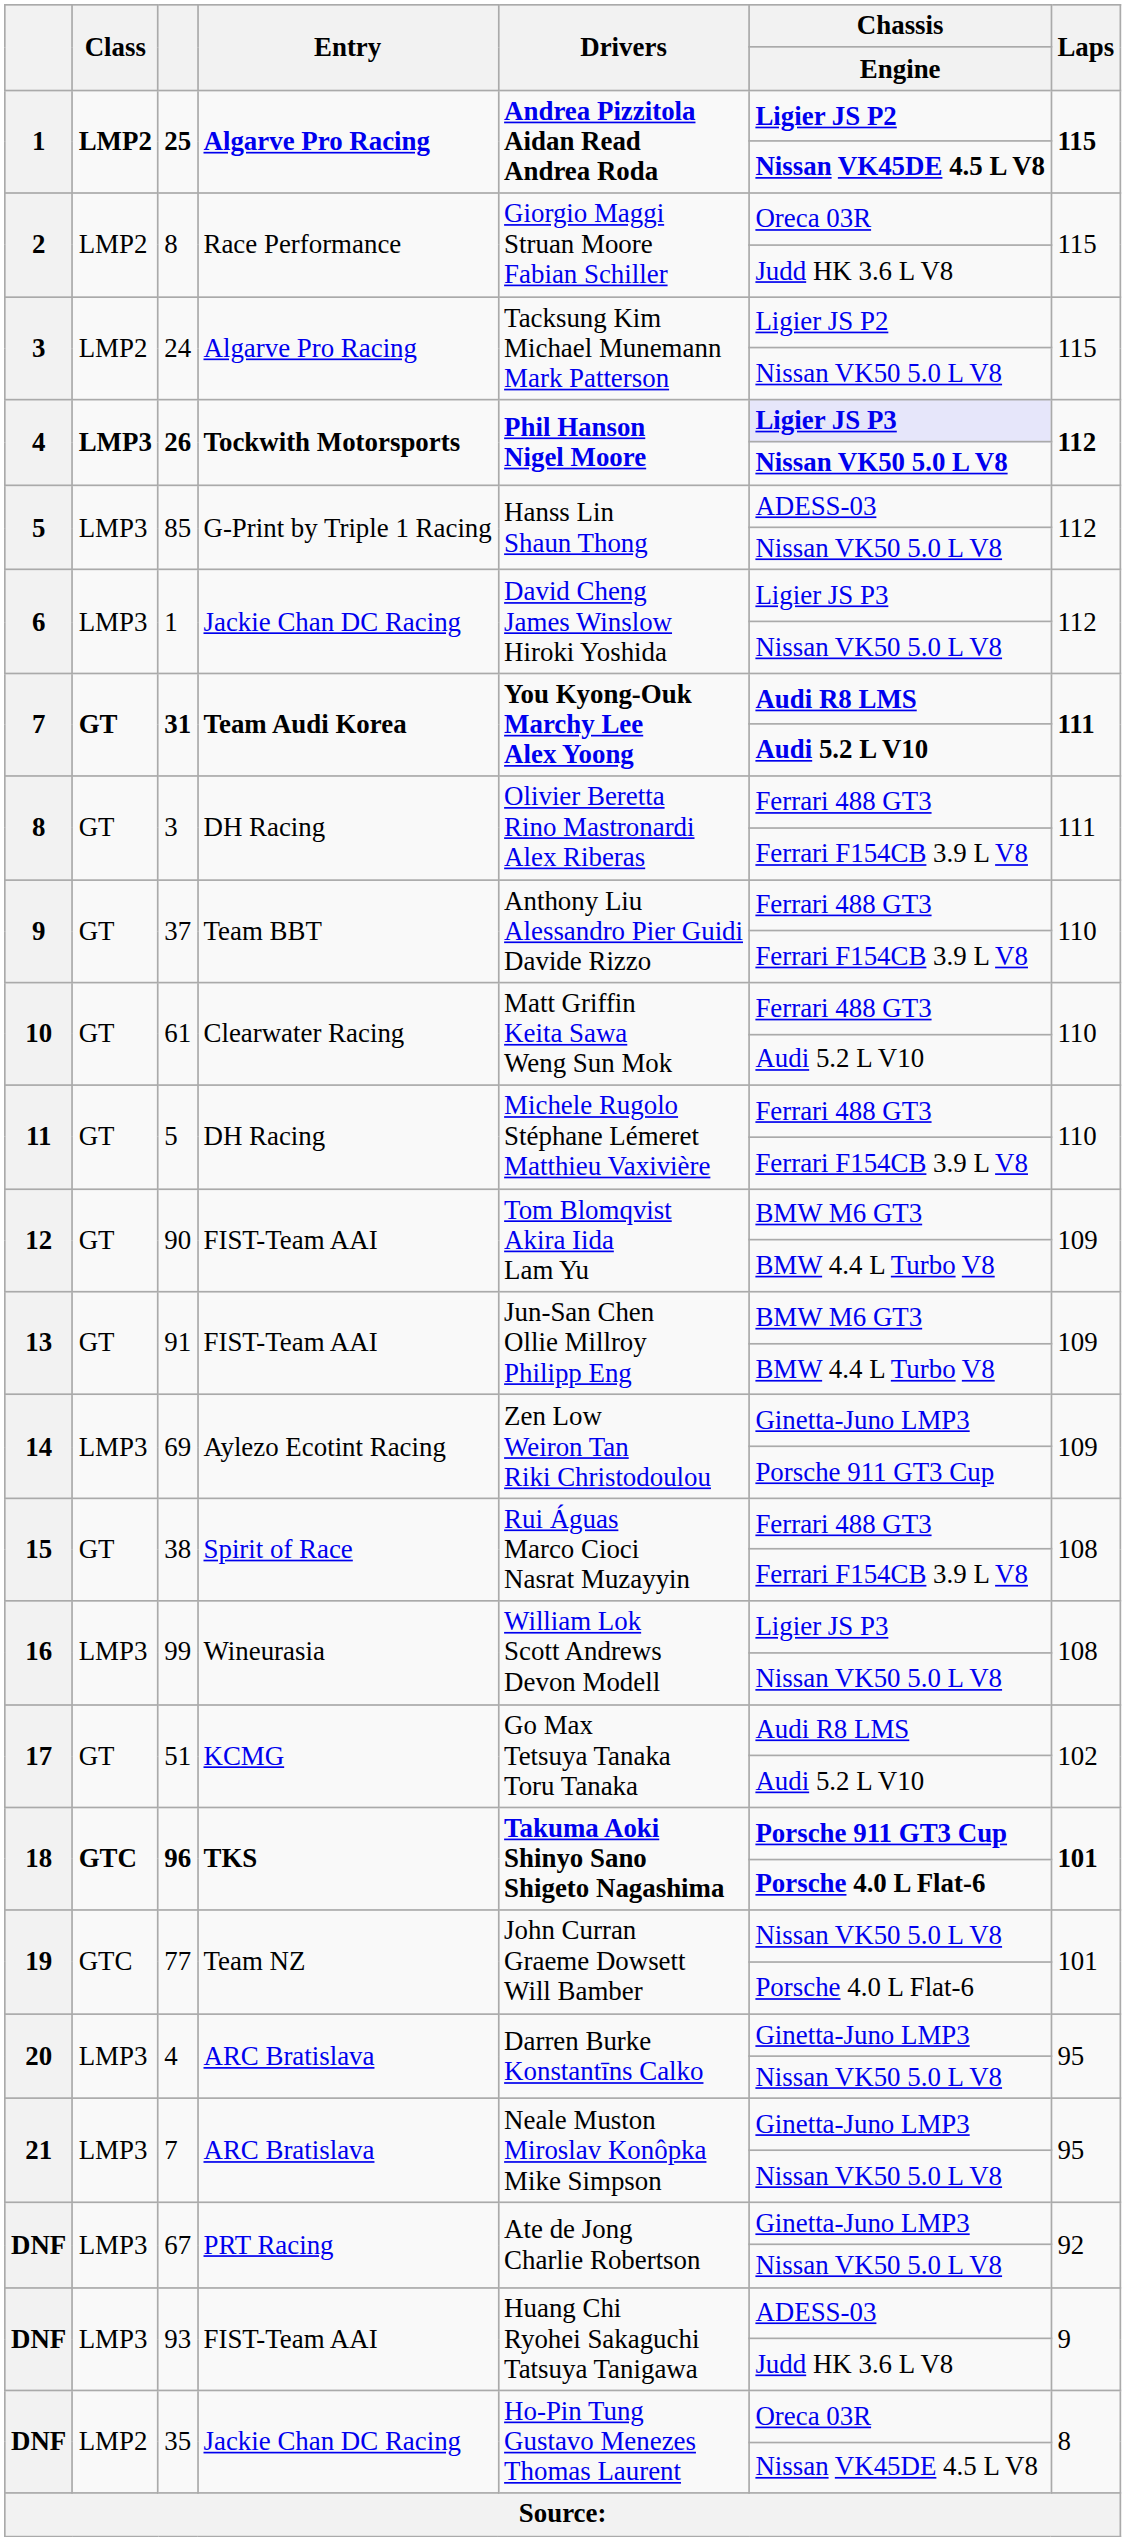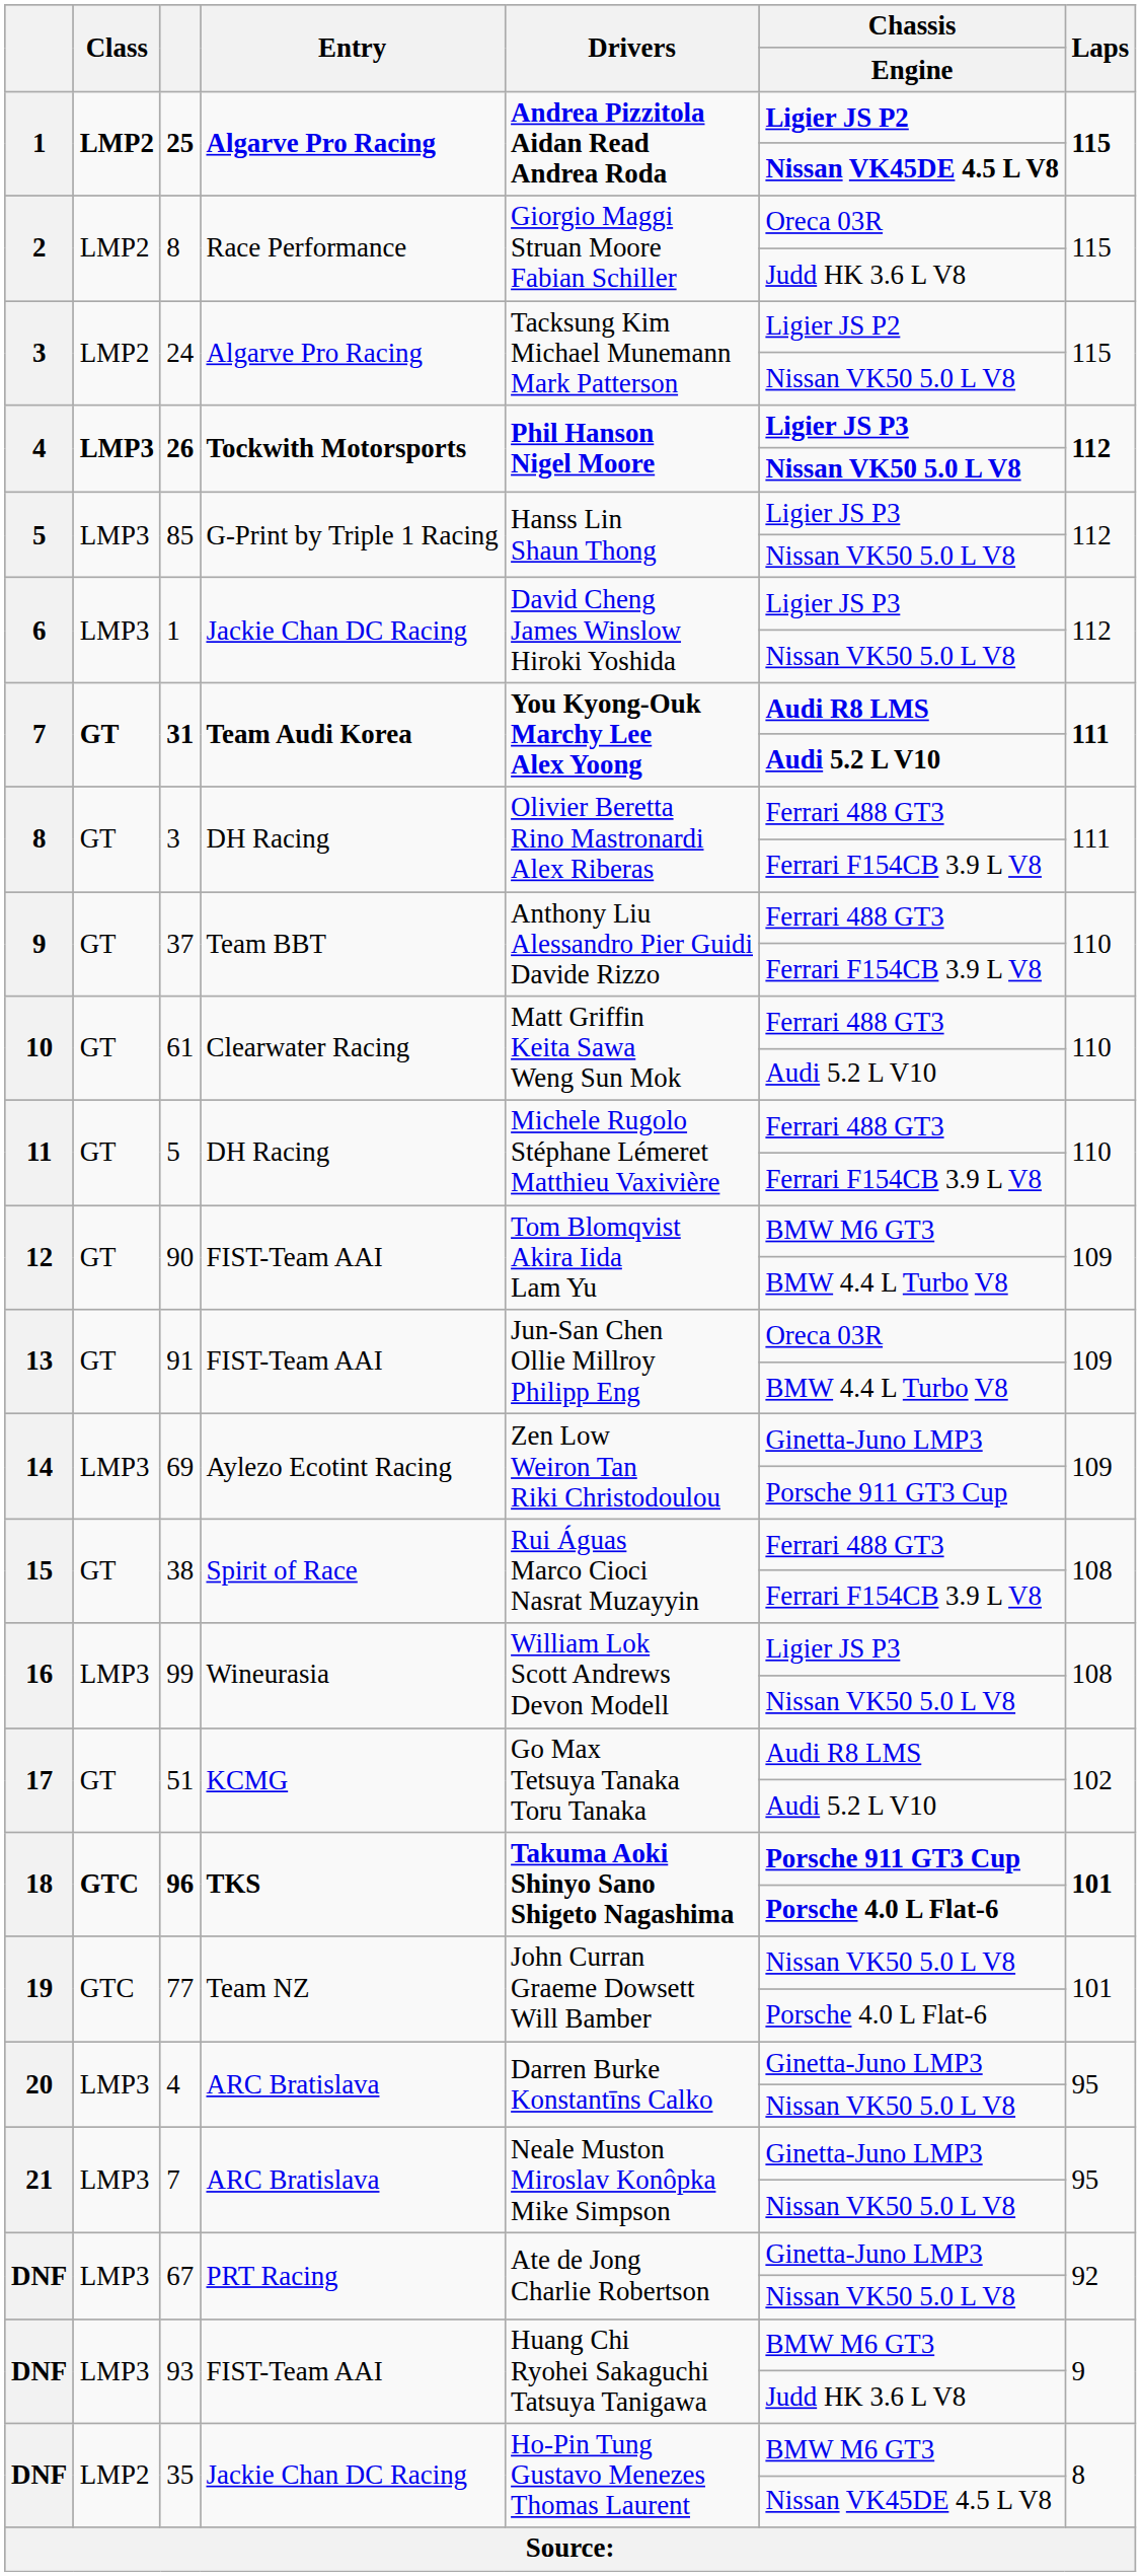 <table class="wikitable">
 <tr>
 <th rowspan="2"></th>
 <th rowspan="2">Class</th>
 <th rowspan="2"></th>
 <th rowspan="2">Entry</th>
 <th rowspan="2">Drivers</th>
 <th>Chassis</th>
 <th rowspan="2">Laps</th>
 </tr>
 <tr>
 <th>Engine</th>
 </tr>
 <tr>
 <th rowspan="2">1</th>
 <td rowspan="2"><strong>LMP2</strong></td>
 <td rowspan="2"><strong>25</strong></td>
 <td rowspan="2"><strong> <a href='#'>Algarve Pro Racing</a></strong></td>
 <td rowspan="2"><strong> <a href='#'>Andrea Pizzitola</a></strong><br><strong> Aidan Read</strong><br><strong> Andrea Roda</strong></td>
 <td><strong><a href='#'>Ligier JS P2</a></strong></td>
 <td rowspan="2"><strong>115</strong></td>
 </tr>
 <tr>
 <td><strong><a href='#'>Nissan</a> <a href='#'>VK45DE</a> 4.5 L V8</strong></td>
 </tr>
 <tr>
 <th rowspan="2">2</th>
 <td rowspan="2">LMP2</td>
 <td rowspan="2">8</td>
 <td rowspan="2"> Race Performance</td>
 <td rowspan="2"> <a href='#'>Giorgio Maggi</a><br> Struan Moore<br> <a href='#'>Fabian Schiller</a></td>
 <td><a href='#'>Oreca 03R</a></td>
 <td rowspan="2">115</td>
 </tr>
 <tr>
 <td><a href='#'>Judd</a> HK 3.6 L V8</td>
 </tr>
 <tr>
 <th rowspan="2">3</th>
 <td rowspan="2">LMP2</td>
 <td rowspan="2">24</td>
 <td rowspan="2"> <a href='#'>Algarve Pro Racing</a></td>
 <td rowspan="2"> Tacksung Kim<br> Michael Munemann<br> <a href='#'>Mark Patterson</a></td>
 <td><a href='#'>Ligier JS P2</a></td>
 <td rowspan="2">115</td>
 </tr>
 <tr>
 <td><a href='#'>Nissan VK50 5.0 L V8</a></td>
 </tr>
 <tr>
 <th rowspan="2">4</th>
 <td rowspan="2"><strong>LMP3</strong></td>
 <td rowspan="2"><strong>26</strong></td>
 <td rowspan="2"><strong> Tockwith Motorsports</strong></td>
 <td rowspan="2"><strong> <a href='#'>Phil Hanson</a></strong><br><strong> <a href='#'>Nigel Moore</a></strong></td>
-<td style="background: lavender;"><strong><a href='#'>Ligier JS P3</a></strong></td>
+<td><strong><a href='#'>Ligier JS P3</a></strong></td>
 <td rowspan="2"><strong>112</strong></td>
 </tr>
 <tr>
 <td><a href='#'><strong>Nissan VK50 5.0 L V8</strong></a></td>
 </tr>
 <tr>
 <th rowspan="2">5</th>
 <td rowspan="2">LMP3</td>
 <td rowspan="2">85</td>
 <td rowspan="2"> G-Print by Triple 1 Racing</td>
 <td rowspan="2"> Hanss Lin<br> <a href='#'>Shaun Thong</a></td>
-<td><a href='#'>ADESS-03</a></td>
+<td><a href='#'>Ligier JS P3</a></td>
 <td rowspan="2">112</td>
 </tr>
 <tr>
 <td><a href='#'>Nissan VK50 5.0 L V8</a></td>
 </tr>
 <tr>
 <th rowspan="2">6</th>
 <td rowspan="2">LMP3</td>
 <td rowspan="2">1</td>
 <td rowspan="2"> <a href='#'>Jackie Chan DC Racing</a></td>
 <td rowspan="2"> <a href='#'>David Cheng</a><br> <a href='#'>James Winslow</a><br> Hiroki Yoshida</td>
 <td><a href='#'>Ligier JS P3</a></td>
 <td rowspan="2">112</td>
 </tr>
 <tr>
 <td><a href='#'>Nissan VK50 5.0 L V8</a></td>
 </tr>
 <tr>
 <th rowspan="2">7</th>
 <td rowspan="2"><strong>GT</strong></td>
 <td rowspan="2"><strong>31</strong></td>
 <td rowspan="2"><strong> Team Audi Korea</strong></td>
 <td rowspan="2"><strong> You Kyong-Ouk</strong><br><strong> <a href='#'>Marchy Lee</a></strong><br><strong> <a href='#'>Alex Yoong</a></strong></td>
 <td><a href='#'><strong>Audi R8 LMS</strong></a></td>
 <td rowspan="2"><strong>111</strong></td>
 </tr>
 <tr>
 <td><strong><a href='#'>Audi</a> 5.2 L V10</strong></td>
 </tr>
 <tr>
 <th rowspan="2">8</th>
 <td rowspan="2">GT</td>
 <td rowspan="2">3</td>
 <td rowspan="2"> DH Racing</td>
 <td rowspan="2"> <a href='#'>Olivier Beretta</a><br> <a href='#'>Rino Mastronardi</a><br> <a href='#'>Alex Riberas</a></td>
 <td><a href='#'>Ferrari 488 GT3</a></td>
 <td rowspan="2">111</td>
 </tr>
 <tr>
 <td><a href='#'>Ferrari F154CB</a> 3.9 L <a href='#'>V8</a></td>
 </tr>
 <tr>
 <th rowspan="2">9</th>
 <td rowspan="2">GT</td>
 <td rowspan="2">37</td>
 <td rowspan="2"> Team BBT</td>
 <td rowspan="2"> Anthony Liu<br> <a href='#'>Alessandro Pier Guidi</a><br> Davide Rizzo</td>
 <td><a href='#'>Ferrari 488 GT3</a></td>
 <td rowspan="2">110</td>
 </tr>
 <tr>
 <td><a href='#'>Ferrari F154CB</a> 3.9 L <a href='#'>V8</a></td>
 </tr>
 <tr>
 <th rowspan="2">10</th>
 <td rowspan="2">GT</td>
 <td rowspan="2">61</td>
 <td rowspan="2"> Clearwater Racing</td>
 <td rowspan="2"> Matt Griffin<br> <a href='#'>Keita Sawa</a><br> Weng Sun Mok</td>
 <td><a href='#'>Ferrari 488 GT3</a></td>
 <td rowspan="2">110</td>
 </tr>
 <tr>
 <td><a href='#'>Audi</a> 5.2 L V10</td>
 </tr>
 <tr>
 <th rowspan="2">11</th>
 <td rowspan="2">GT</td>
 <td rowspan="2">5</td>
 <td rowspan="2"> DH Racing</td>
 <td rowspan="2"> <a href='#'>Michele Rugolo</a><br> Stéphane Lémeret<br> <a href='#'>Matthieu Vaxivière</a></td>
 <td><a href='#'>Ferrari 488 GT3</a></td>
 <td rowspan="2">110</td>
 </tr>
 <tr>
 <td><a href='#'>Ferrari F154CB</a> 3.9 L <a href='#'>V8</a></td>
 </tr>
 <tr>
 <th rowspan="2">12</th>
 <td rowspan="2">GT</td>
 <td rowspan="2">90</td>
 <td rowspan="2"> FIST-Team AAI</td>
 <td rowspan="2"> <a href='#'>Tom Blomqvist</a><br> <a href='#'>Akira Iida</a><br> Lam Yu</td>
 <td><a href='#'>BMW M6 GT3</a></td>
 <td rowspan="2">109</td>
 </tr>
 <tr>
 <td><a href='#'>BMW</a> 4.4 L <a href='#'>Turbo</a> <a href='#'>V8</a></td>
 </tr>
 <tr>
 <th rowspan="2">13</th>
 <td rowspan="2">GT</td>
 <td rowspan="2">91</td>
 <td rowspan="2"> FIST-Team AAI</td>
 <td rowspan="2"> Jun-San Chen<br> Ollie Millroy<br> <a href='#'>Philipp Eng</a></td>
-<td><a href='#'>BMW M6 GT3</a></td>
+<td><a href='#'>Oreca 03R</a></td>
 <td rowspan="2">109</td>
 </tr>
 <tr>
 <td><a href='#'>BMW</a> 4.4 L <a href='#'>Turbo</a> <a href='#'>V8</a></td>
 </tr>
 <tr>
 <th rowspan="2">14</th>
 <td rowspan="2">LMP3</td>
 <td rowspan="2">69</td>
 <td rowspan="2"> Aylezo Ecotint Racing</td>
 <td rowspan="2"> Zen Low<br> <a href='#'>Weiron Tan</a><br> <a href='#'>Riki Christodoulou</a></td>
 <td><a href='#'>Ginetta-Juno LMP3</a></td>
 <td rowspan="2">109</td>
 </tr>
 <tr>
 <td><a href='#'>Porsche 911 GT3 Cup</a></td>
 </tr>
 <tr>
 <th rowspan="2">15</th>
 <td rowspan="2">GT</td>
 <td rowspan="2">38</td>
 <td rowspan="2"> <a href='#'>Spirit of Race</a></td>
 <td rowspan="2"> <a href='#'>Rui Águas</a><br> Marco Cioci<br> Nasrat Muzayyin</td>
 <td><a href='#'>Ferrari 488 GT3</a></td>
 <td rowspan="2">108</td>
 </tr>
 <tr>
 <td><a href='#'>Ferrari F154CB</a> 3.9 L <a href='#'>V8</a></td>
 </tr>
 <tr>
 <th rowspan="2">16</th>
 <td rowspan="2">LMP3</td>
 <td rowspan="2">99</td>
 <td rowspan="2"> Wineurasia</td>
 <td rowspan="2"> <a href='#'>William Lok</a><br> Scott Andrews<br> Devon Modell</td>
 <td><a href='#'>Ligier JS P3</a></td>
 <td rowspan="2">108</td>
 </tr>
 <tr>
 <td><a href='#'>Nissan VK50 5.0 L V8</a></td>
 </tr>
 <tr>
 <th rowspan="2">17</th>
 <td rowspan="2">GT</td>
 <td rowspan="2">51</td>
 <td rowspan="2"> <a href='#'>KCMG</a></td>
 <td rowspan="2"> Go Max<br> Tetsuya Tanaka<br> Toru Tanaka</td>
 <td><a href='#'>Audi R8 LMS</a></td>
 <td rowspan="2">102</td>
 </tr>
 <tr>
 <td><a href='#'>Audi</a> 5.2 L V10</td>
 </tr>
 <tr>
 <th rowspan="2">18</th>
 <td rowspan="2"><strong>GTC</strong></td>
 <td rowspan="2"><strong>96</strong></td>
 <td rowspan="2"><strong> TKS</strong></td>
 <td rowspan="2"><strong> <a href='#'>Takuma Aoki</a></strong><br><strong> Shinyo Sano</strong><br><strong> Shigeto Nagashima</strong></td>
 <td><strong><a href='#'>Porsche 911 GT3 Cup</a></strong></td>
 <td rowspan="2"><strong>101</strong></td>
 </tr>
 <tr>
 <td><strong><a href='#'>Porsche</a> 4.0 L Flat-6</strong></td>
 </tr>
 <tr>
 <th rowspan="2">19</th>
 <td rowspan="2">GTC</td>
 <td rowspan="2">77</td>
 <td rowspan="2"> Team NZ</td>
 <td rowspan="2"> John Curran<br> Graeme Dowsett<br> Will Bamber</td>
 <td><a href='#'>Nissan VK50 5.0 L V8</a></td>
 <td rowspan="2">101</td>
 </tr>
 <tr>
 <td><a href='#'>Porsche</a> 4.0 L Flat-6</td>
 </tr>
 <tr>
 <th rowspan="2">20</th>
 <td rowspan="2">LMP3</td>
 <td rowspan="2">4</td>
 <td rowspan="2"> <a href='#'>ARC Bratislava</a></td>
 <td rowspan="2"> Darren Burke<br> <a href='#'>Konstantīns Calko</a></td>
 <td><a href='#'>Ginetta-Juno LMP3</a></td>
 <td rowspan="2">95</td>
 </tr>
 <tr>
 <td><a href='#'>Nissan VK50 5.0 L V8</a></td>
 </tr>
 <tr>
 <th rowspan="2">21</th>
 <td rowspan="2">LMP3</td>
 <td rowspan="2">7</td>
 <td rowspan="2"> <a href='#'>ARC Bratislava</a></td>
 <td rowspan="2"> Neale Muston<br> <a href='#'>Miroslav Konôpka</a><br> Mike Simpson</td>
 <td><a href='#'>Ginetta-Juno LMP3</a></td>
 <td rowspan="2">95</td>
 </tr>
 <tr>
 <td><a href='#'>Nissan VK50 5.0 L V8</a></td>
 </tr>
 <tr>
 <th rowspan="2">DNF</th>
 <td rowspan="2">LMP3</td>
 <td rowspan="2">67</td>
 <td rowspan="2"> <a href='#'>PRT Racing</a></td>
 <td rowspan="2"> Ate de Jong<br> Charlie Robertson</td>
 <td><a href='#'>Ginetta-Juno LMP3</a></td>
 <td rowspan="2">92</td>
 </tr>
 <tr>
 <td><a href='#'>Nissan VK50 5.0 L V8</a></td>
 </tr>
 <tr>
 <th rowspan="2">DNF</th>
 <td rowspan="2">LMP3</td>
 <td rowspan="2">93</td>
 <td rowspan="2"> FIST-Team AAI</td>
 <td rowspan="2"> Huang Chi<br> Ryohei Sakaguchi<br> Tatsuya Tanigawa</td>
-<td><a href='#'>ADESS-03</a></td>
+<td><a href='#'>BMW M6 GT3</a></td>
 <td rowspan="2">9</td>
 </tr>
 <tr>
 <td><a href='#'>Judd</a> HK 3.6 L V8</td>
 </tr>
 <tr>
 <th rowspan="2">DNF</th>
 <td rowspan="2">LMP2</td>
 <td rowspan="2">35</td>
 <td rowspan="2"> <a href='#'>Jackie Chan DC Racing</a></td>
 <td rowspan="2"> <a href='#'>Ho-Pin Tung</a><br> <a href='#'>Gustavo Menezes</a><br> <a href='#'>Thomas Laurent</a></td>
-<td><a href='#'>Oreca 03R</a></td>
+<td><a href='#'>BMW M6 GT3</a></td>
 <td rowspan="2">8</td>
 </tr>
 <tr>
 <td><a href='#'>Nissan</a> <a href='#'>VK45DE</a> 4.5 L V8</td>
 </tr>
 <tr>
 <th colspan="7">Source:</th>
 </tr>
 </table>
